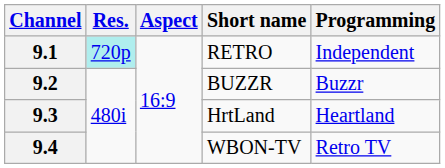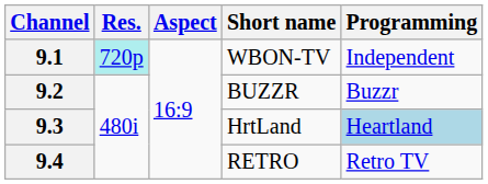 <table class="wikitable">
 <tr>
 <th><a href='#'>Channel</a></th>
 <th><a href='#'>Res.</a></th>
 <th><a href='#'>Aspect</a></th>
 <th>Short name</th>
 <th>Programming</th>
 </tr>
 <tr>
 <th scope = "row">9.1</th>
 <td style="background: paleturquoise;"><a href='#'>720p</a></td>
 <td rowspan=4><a href='#'>16:9</a></td>
-<td>RETRO</td>
+<td>WBON-TV</td>
 <td><a href='#'>Independent</a></td>
 </tr>
 <tr>
 <th scope = "row">9.2</th>
 <td rowspan=3><a href='#'>480i</a></td>
 <td>BUZZR</td>
 <td><a href='#'>Buzzr</a></td>
 </tr>
 <tr>
 <th scope = "row">9.3</th>
 <td>HrtLand</td>
-<td><a href='#'>Heartland</a></td>
+<td style="background: lightblue;"><a href='#'>Heartland</a></td>
 </tr>
 <tr>
 <th scope = "row">9.4</th>
-<td>WBON-TV</td>
+<td>RETRO</td>
 <td><a href='#'>Retro TV</a></td>
 </tr>
 </table>
